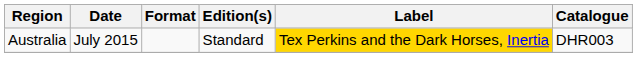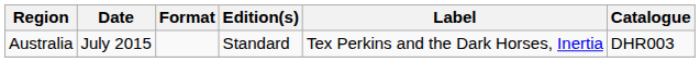 <table class="wikitable plainrowheaders">
 <tr>
 <th scope="col">Region</th>
 <th scope="col">Date</th>
 <th scope="col">Format</th>
 <th scope="col">Edition(s)</th>
 <th scope="col">Label</th>
 <th scope="col">Catalogue</th>
 </tr>
 <tr>
 <td>Australia</td>
 <td>July 2015</td>
 <td></td>
 <td>Standard</td>
-<td style="background: gold;">Tex Perkins and the Dark Horses, <a href='#'>Inertia</a></td>
+<td>Tex Perkins and the Dark Horses, <a href='#'>Inertia</a></td>
 <td>DHR003</td>
 </tr>
 <tr>
 </tr>
 </table>
